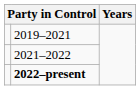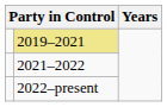 <table class="wikitable">
 <tr>
 <th colspan="2">Party in Control</th>
 <th>Years</th>
 </tr>
 <tr>
 <td></td>
-<td>2019–2021</td>
+<td style="background: khaki;">2019–2021</td>
 </tr>
 <tr>
 <td></td>
 <td>2021–2022</td>
 </tr>
 <tr>
 <td></td>
-<td><strong>2022–present</strong></td>
+<td>2022–present</td>
 </tr>
 </table>
